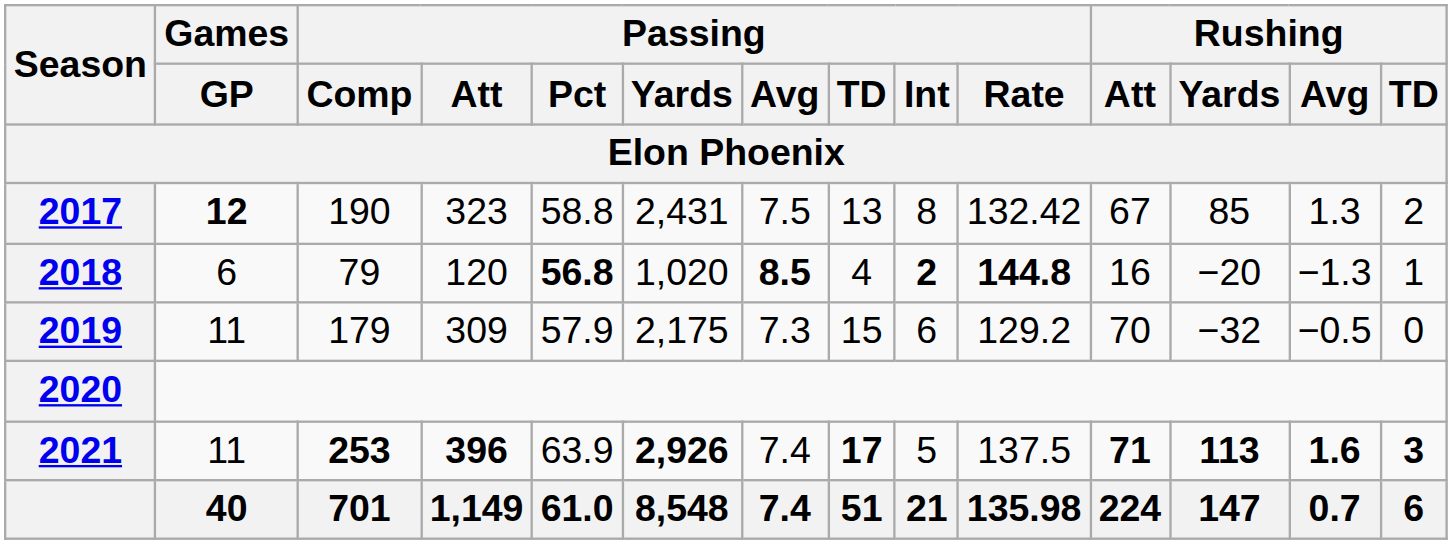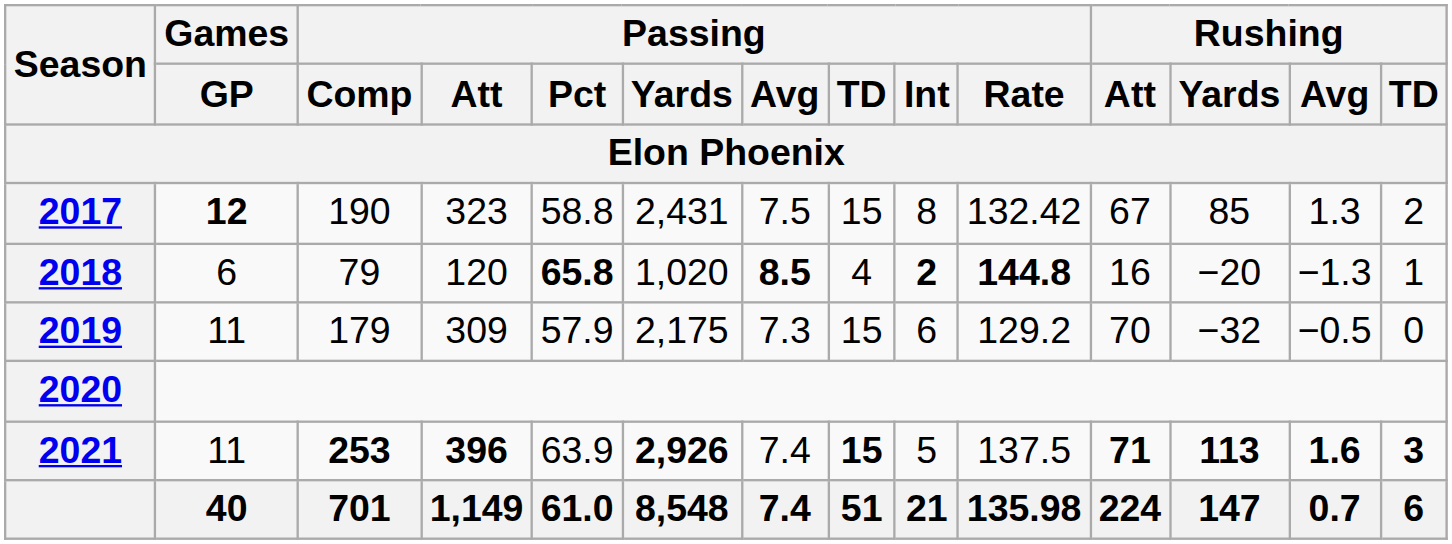 <table class="wikitable" style="text-align:center;">
 <tr>
 <th rowspan="2">Season</th>
 <th colspan="1">Games</th>
 <th colspan="8">Passing</th>
 <th colspan="4">Rushing</th>
 </tr>
 <tr>
 <th>GP</th>
 <th>Comp</th>
 <th>Att</th>
 <th>Pct</th>
 <th>Yards</th>
 <th>Avg</th>
 <th>TD</th>
 <th>Int</th>
 <th>Rate</th>
 <th>Att</th>
 <th>Yards</th>
 <th>Avg</th>
 <th>TD</th>
 </tr>
 <tr>
 <th colspan="14">Elon Phoenix</th>
 </tr>
 <tr>
 <th><a href='#'>2017</a></th>
 <td><strong>12</strong></td>
 <td>190</td>
 <td>323</td>
 <td>58.8</td>
 <td>2,431</td>
 <td>7.5</td>
-<td>13</td>
+<td>15</td>
 <td>8</td>
 <td>132.42</td>
 <td>67</td>
 <td>85</td>
 <td>1.3</td>
 <td>2</td>
 </tr>
 <tr>
 <th><a href='#'>2018</a></th>
 <td>6</td>
 <td>79</td>
 <td>120</td>
-<td><strong>56.8</strong></td>
+<td><strong>65.8</strong></td>
 <td>1,020</td>
 <td><strong>8.5</strong></td>
 <td>4</td>
 <td><strong>2</strong></td>
 <td><strong>144.8</strong></td>
 <td>16</td>
 <td>−20</td>
 <td>−1.3</td>
 <td>1</td>
 </tr>
 <tr>
 <th><a href='#'>2019</a></th>
 <td>11</td>
 <td>179</td>
 <td>309</td>
 <td>57.9</td>
 <td>2,175</td>
 <td>7.3</td>
 <td>15</td>
 <td>6</td>
 <td>129.2</td>
 <td>70</td>
 <td>−32</td>
 <td>−0.5</td>
 <td>0</td>
 </tr>
 <tr>
 <th><a href='#'>2020</a></th>
 <td colspan="13"></td>
 </tr>
 <tr>
 <th><a href='#'>2021</a></th>
 <td>11</td>
 <td><strong>253</strong></td>
 <td><strong>396</strong></td>
 <td>63.9</td>
 <td><strong>2,926</strong></td>
 <td>7.4</td>
-<td><strong>17</strong></td>
+<td><strong>15</strong></td>
 <td>5</td>
 <td>137.5</td>
 <td><strong>71</strong></td>
 <td><strong>113</strong></td>
 <td><strong>1.6</strong></td>
 <td><strong>3</strong></td>
 </tr>
 <tr>
 <th></th>
 <th>40</th>
 <th>701</th>
 <th>1,149</th>
 <th>61.0</th>
 <th>8,548</th>
 <th>7.4</th>
 <th>51</th>
 <th>21</th>
 <th>135.98</th>
 <th>224</th>
 <th>147</th>
 <th>0.7</th>
 <th>6</th>
 </tr>
 </table>
